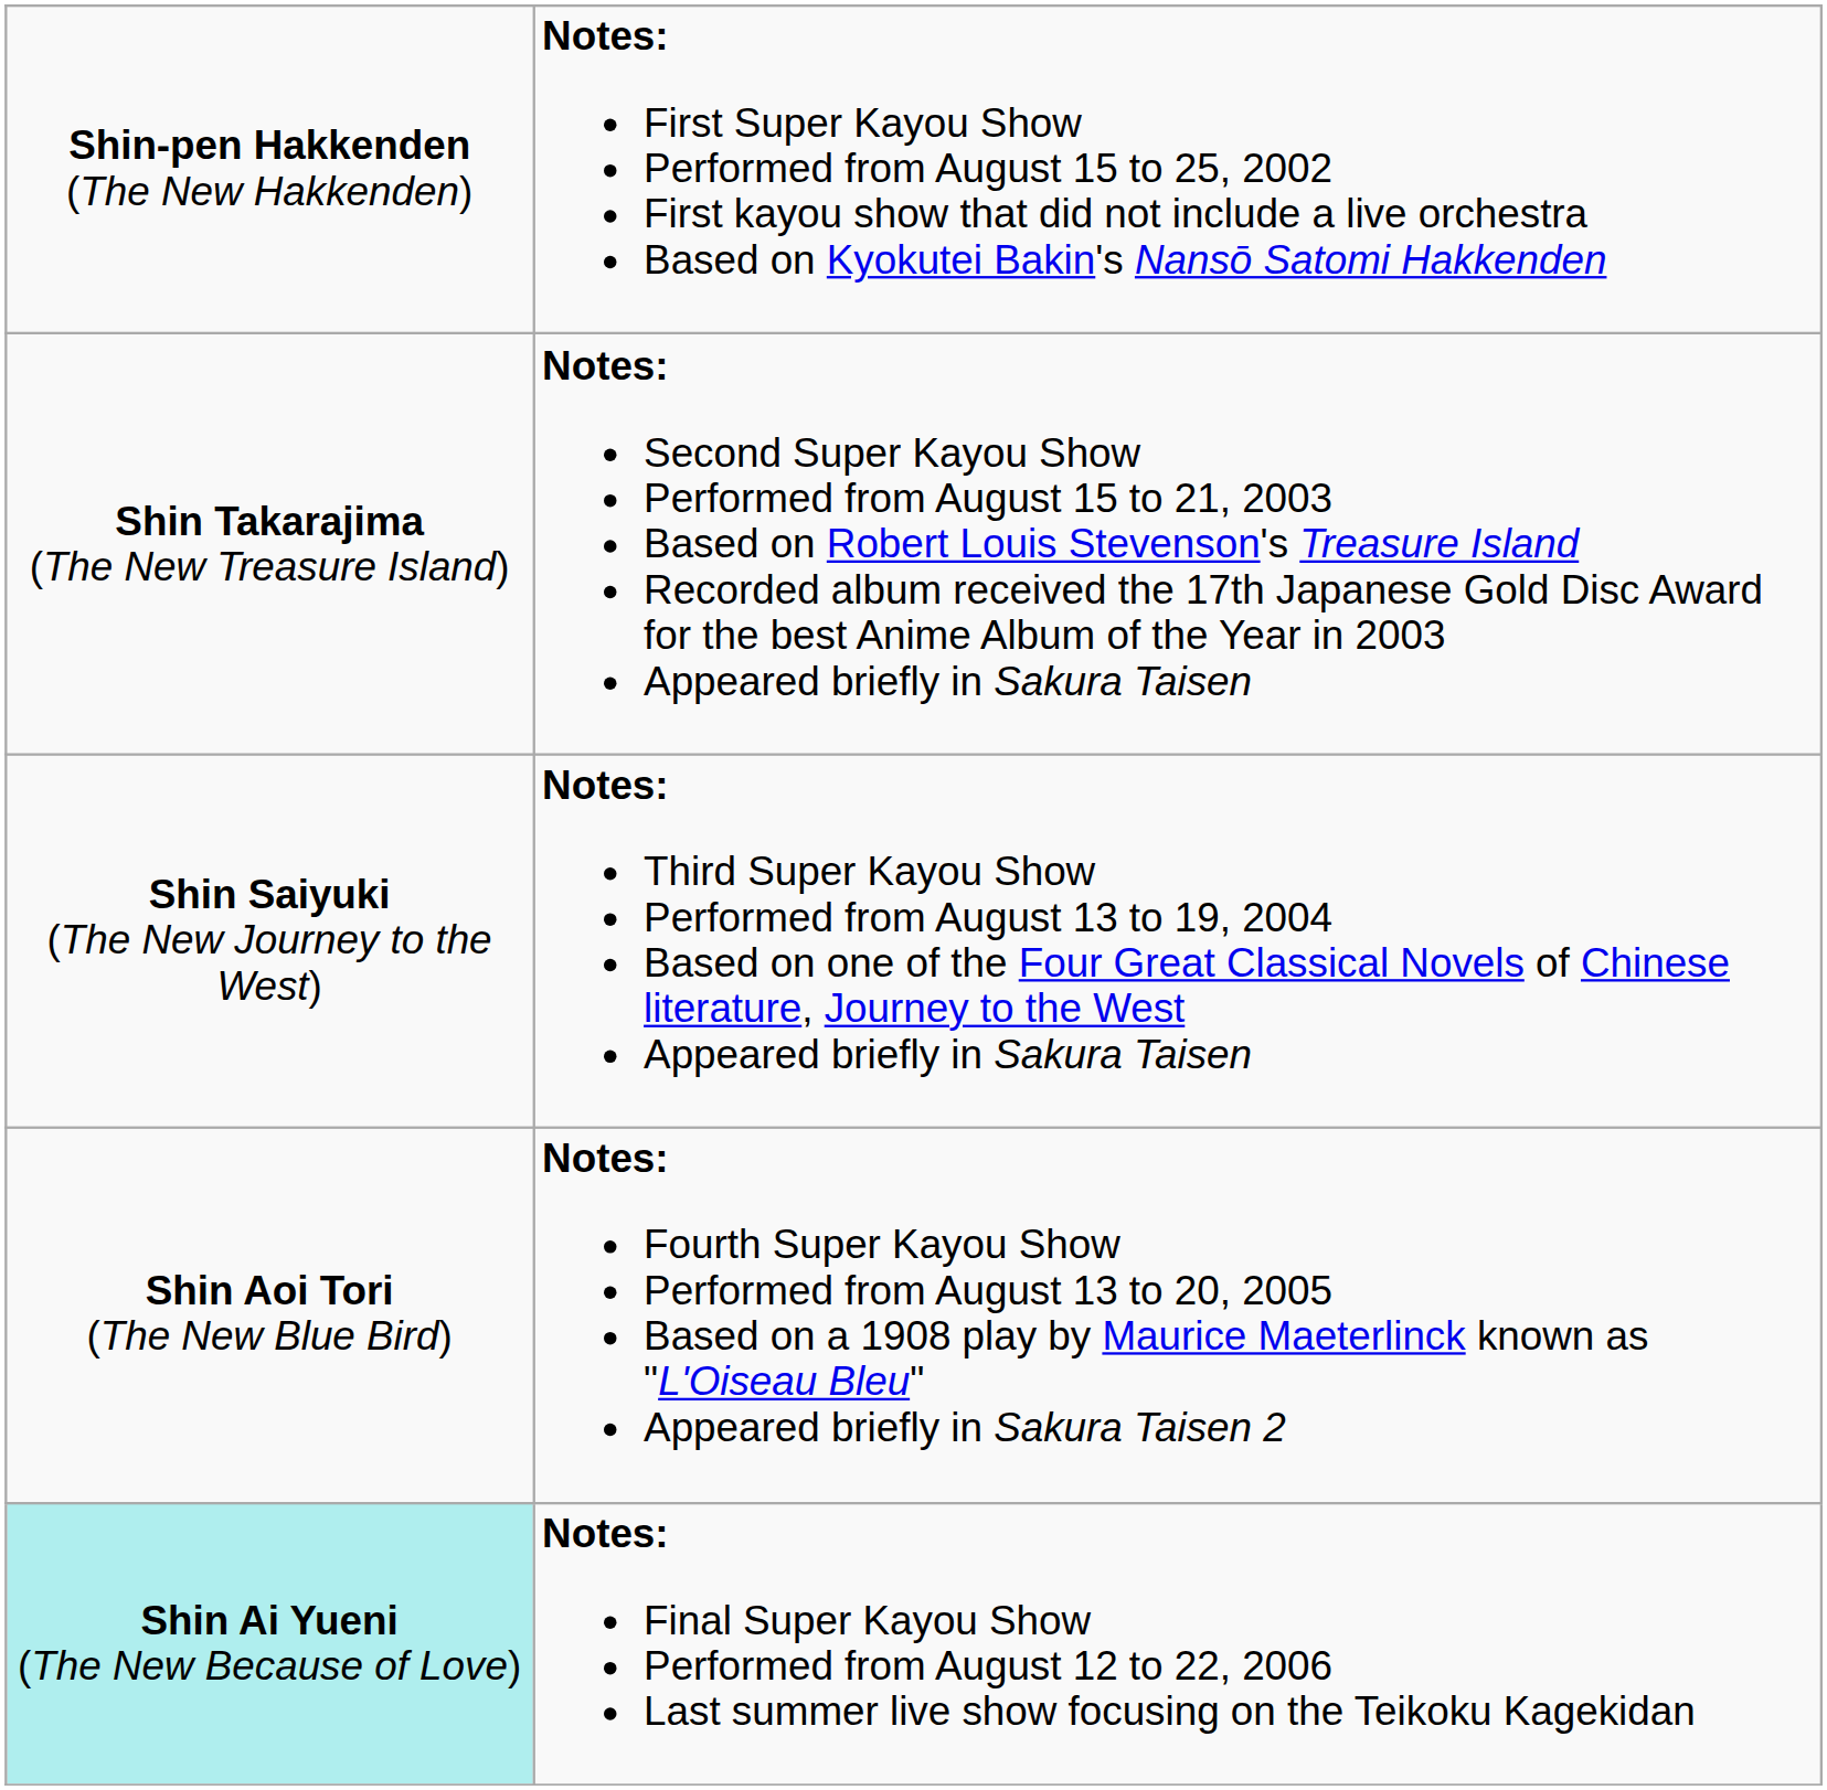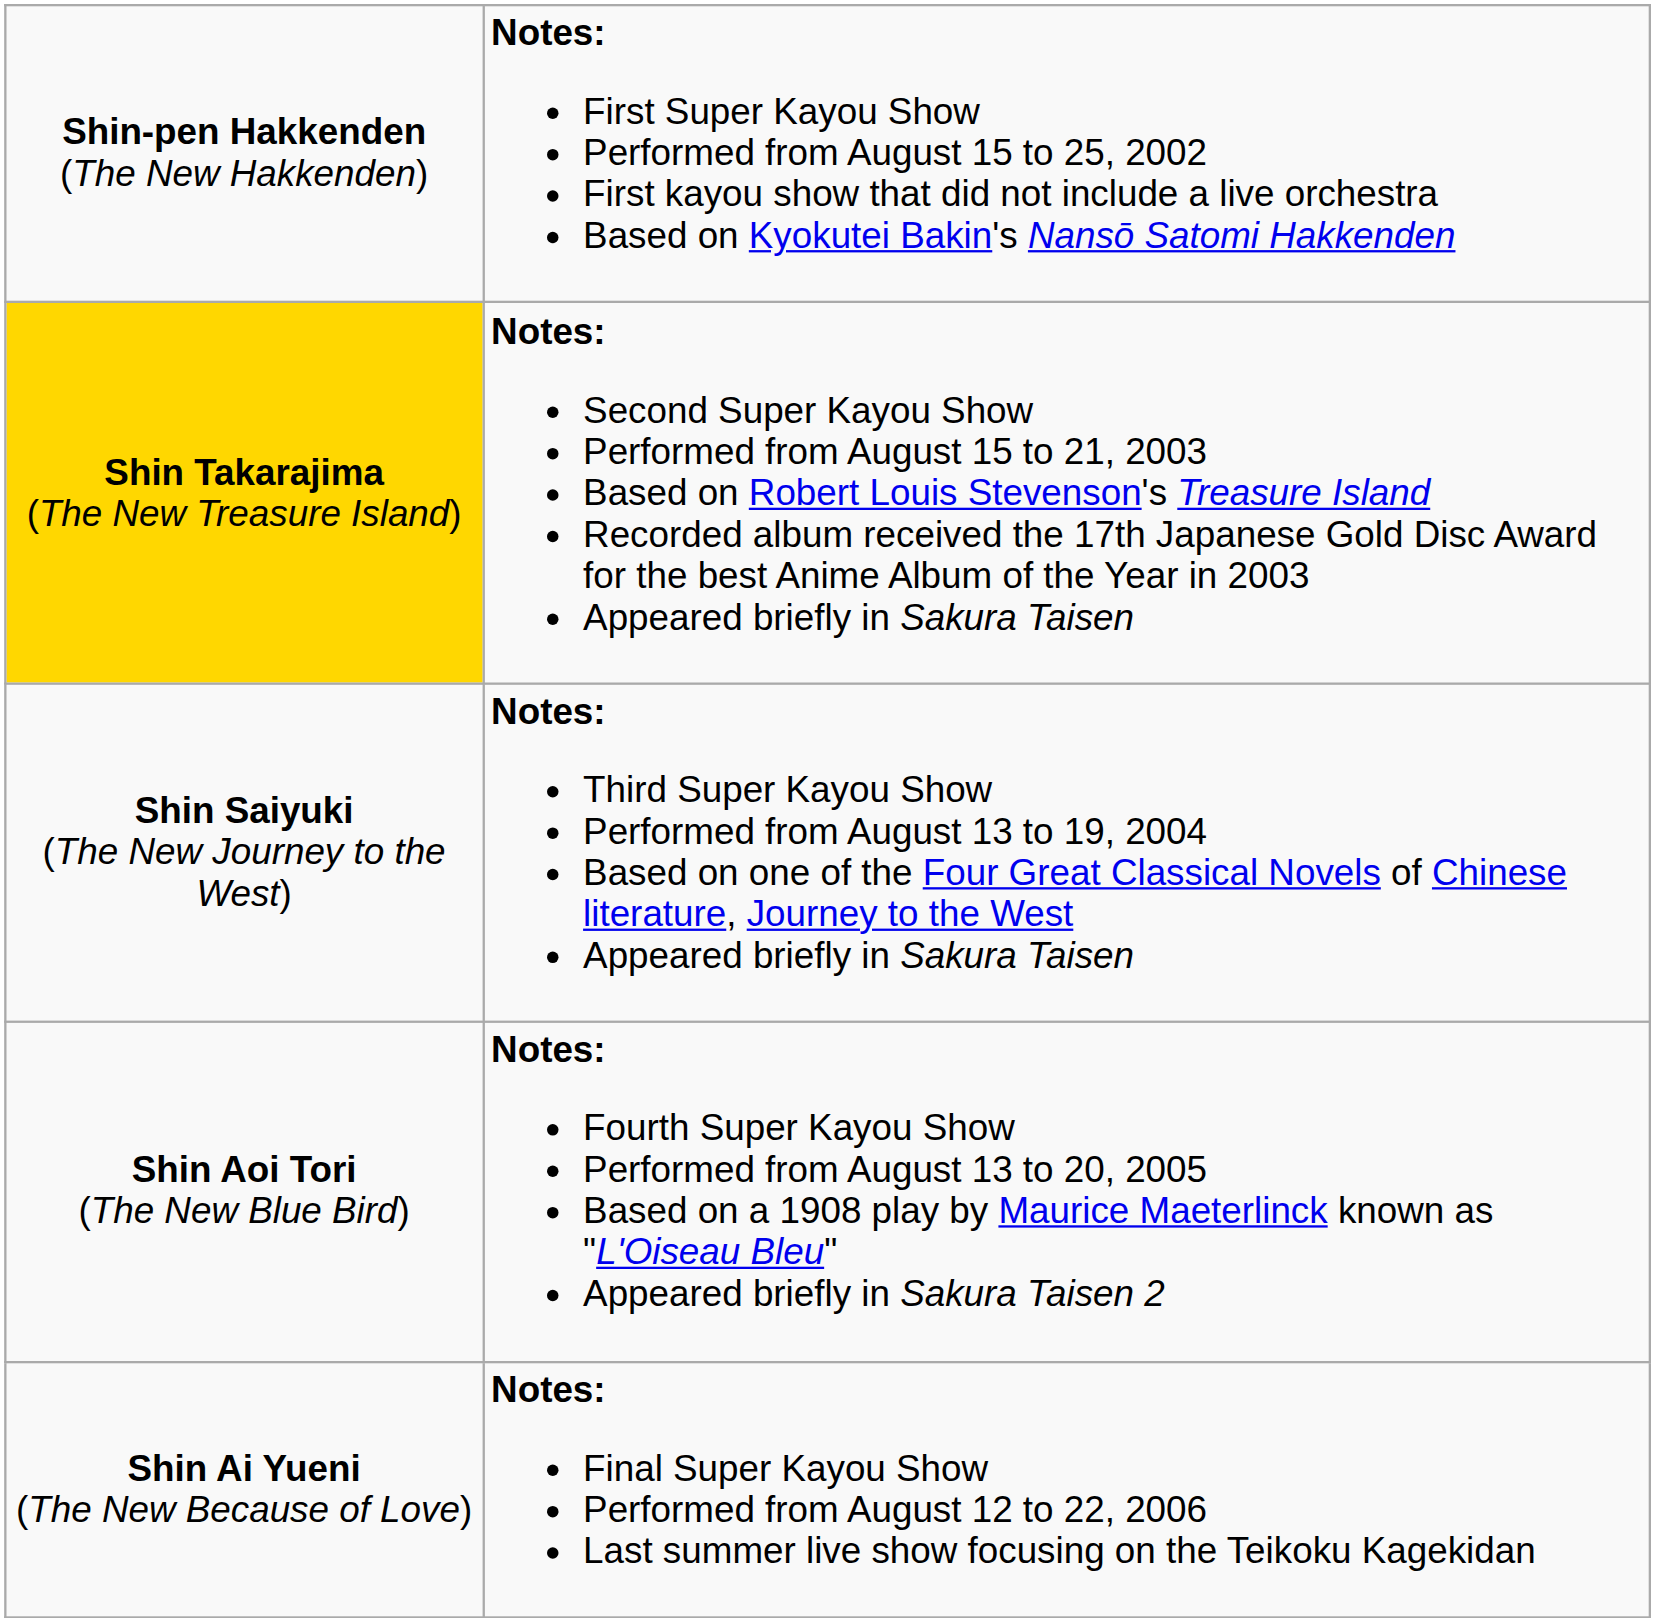 <table class="wikitable" style="margin: 1em auto 1em auto">
 <tr>
 <td width="200pt" valign="center" align="center"><strong>Shin-pen Hakkenden</strong><br>(<em>The New Hakkenden</em>)</td>
 <td width="500pt" valign="top" align="left"><strong>Notes:</strong><br><ul><li>First Super Kayou Show</li><li>Performed from August 15 to 25, 2002</li><li>First kayou show that did not include a live orchestra</li><li>Based on <a href='#'>Kyokutei Bakin</a>'s <em><a href='#'>Nansō Satomi Hakkenden</a></em></li></ul></td>
 </tr>
 <tr>
-<td width="200pt" valign="center" align="center"><strong>Shin Takarajima</strong><br>(<em>The New Treasure Island</em>)</td>
+<td width="200pt" valign="center" align="center" style="background: gold;"><strong>Shin Takarajima</strong><br>(<em>The New Treasure Island</em>)</td>
 <td width="500pt" valign="top" align="left"><strong>Notes:</strong><br><ul><li>Second Super Kayou Show</li><li>Performed from August 15 to 21, 2003</li><li>Based on <a href='#'>Robert Louis Stevenson</a>'s <em><a href='#'>Treasure Island</a></em></li><li>Recorded album received the 17th Japanese Gold Disc Award for the best Anime Album of the Year in 2003</li><li>Appeared briefly in <em>Sakura Taisen</em></li></ul></td>
 </tr>
 <tr>
 <td width="200pt" valign="center" align="center"><strong>Shin Saiyuki</strong><br>(<em>The New Journey to the West</em>)</td>
 <td width="500pt" valign="top" align="left"><strong>Notes:</strong><br><ul><li>Third Super Kayou Show</li><li>Performed from August 13 to 19, 2004</li><li>Based on one of the <a href='#'>Four Great Classical Novels</a> of <a href='#'>Chinese literature</a>, <a href='#'>Journey to the West</a></li><li>Appeared briefly in <em>Sakura Taisen</em></li></ul></td>
 </tr>
 <tr>
 <td width="200pt" valign="center" align="center"><strong>Shin Aoi Tori</strong><br>(<em>The New Blue Bird</em>)</td>
 <td width="500pt" valign="top" align="left"><strong>Notes:</strong><br><ul><li>Fourth Super Kayou Show</li><li>Performed from August 13 to 20, 2005</li><li>Based on a 1908 play by <a href='#'>Maurice Maeterlinck</a> known as "<em><a href='#'>L'Oiseau Bleu</a></em>"</li><li>Appeared briefly in <em>Sakura Taisen 2</em></li></ul></td>
 </tr>
 <tr>
-<td width="200pt" valign="center" align="center" style="background: paleturquoise;"><strong>Shin Ai Yueni</strong><br>(<em>The New Because of Love</em>)</td>
+<td width="200pt" valign="center" align="center"><strong>Shin Ai Yueni</strong><br>(<em>The New Because of Love</em>)</td>
 <td width="500pt" valign="top" align="left"><strong>Notes:</strong><br><ul><li>Final Super Kayou Show</li><li>Performed from August 12 to 22, 2006</li><li>Last summer live show focusing on the Teikoku Kagekidan</li></ul></td>
 </tr>
 </table>
